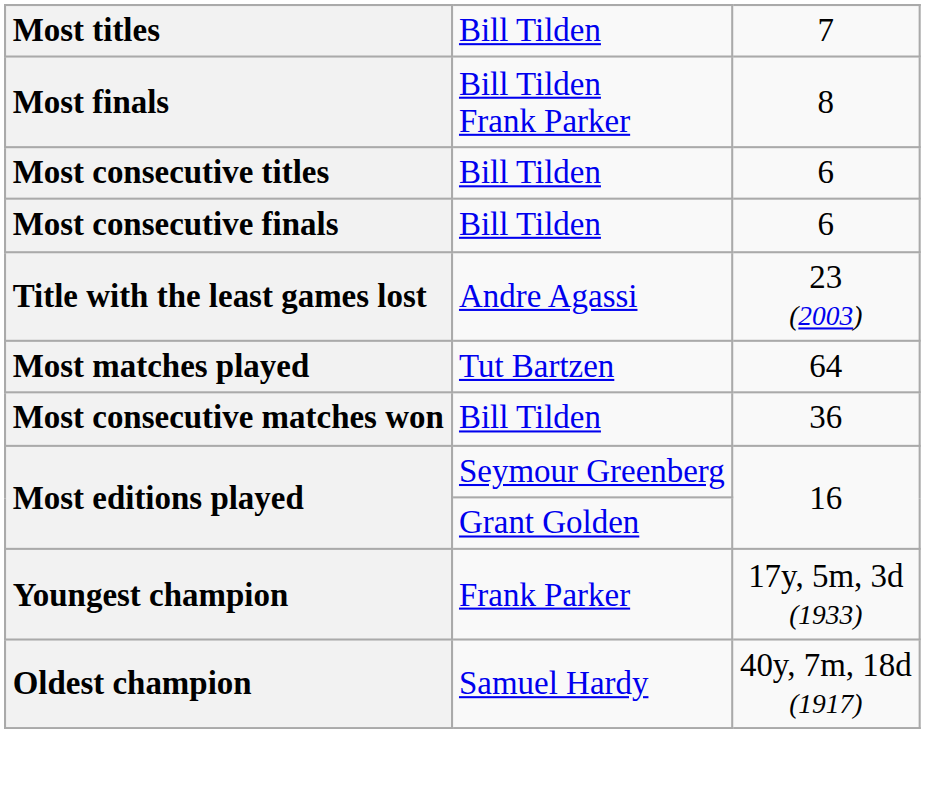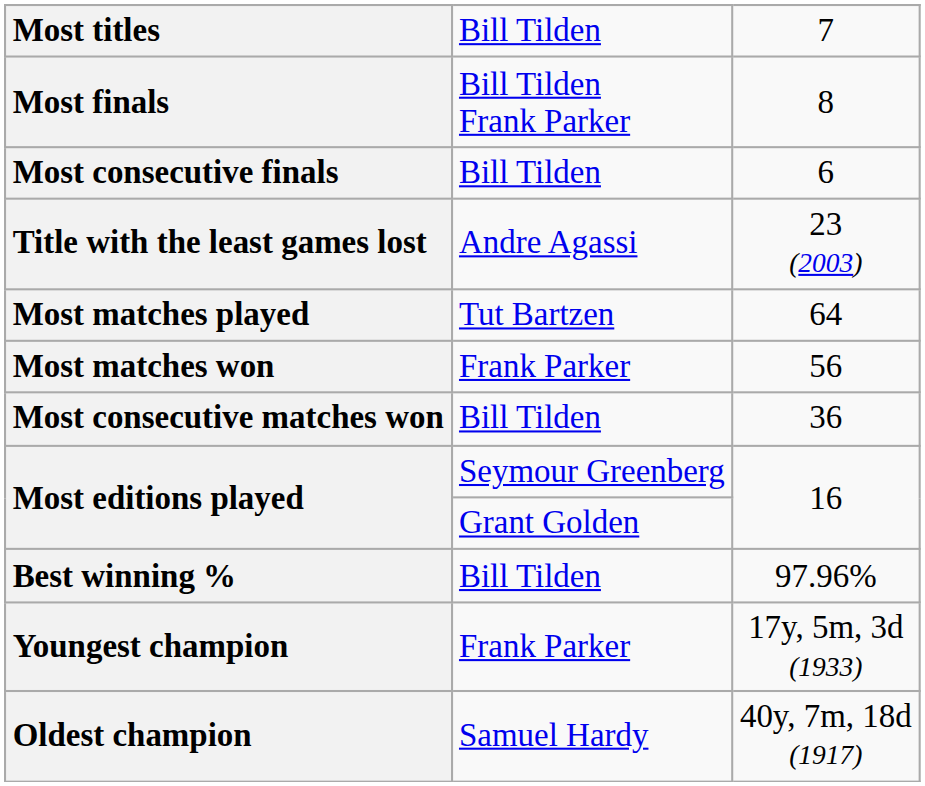 <table class=wikitable>
 <tr>
 <th style="text-align:left;">Most titles</th>
 <td> <a href='#'>Bill Tilden</a></td>
 <td style="text-align:center;">7</td>
 </tr>
 <tr>
 <th style="text-align:left;">Most finals</th>
 <td> <a href='#'>Bill Tilden</a><br> <a href='#'>Frank Parker</a></td>
 <td style="text-align:center;">8</td>
-</tr>
-<tr>
-<th style="text-align:left;">Most consecutive titles<br> </th>
-<td> <a href='#'>Bill Tilden</a><br></td>
-<td style="text-align:center;">6</td>
 </tr>
 <tr>
 <th style="text-align:left;">Most consecutive finals<br> </th>
 <td> <a href='#'>Bill Tilden</a><br></td>
 <td style="text-align:center;">6</td>
 </tr>
 <tr>
 <th style="text-align:left;">Title with the least games lost</th>
 <td> <a href='#'>Andre Agassi</a></td>
 <td style="text-align:center;">23<br><small><em>(<a href='#'>2003</a>)</em></small><br></td>
 </tr>
 <tr>
 <th style="text-align:left;">Most matches played</th>
 <td> <a href='#'>Tut Bartzen</a></td>
 <td style="text-align:center;">64</td>
 </tr>
 <tr>
+<th style="text-align:left;">Most matches won</th>
+<td> <a href='#'>Frank Parker</a></td>
+<td style="text-align:center;">56</td>
+</tr>
+<tr>
 <th style="text-align:left;">Most consecutive matches won</th>
 <td> <a href='#'>Bill Tilden</a></td>
 <td style="text-align:center;">36</td>
 </tr>
 <tr>
 <th style="text-align:left;" rowspan=2>Most editions played</th>
 <td> <a href='#'>Seymour Greenberg</a></td>
 <td style="text-align:center;" rowspan=2>16</td>
 </tr>
 <tr>
 <td> <a href='#'>Grant Golden</a></td>
 </tr>
 <tr>
+<th style="text-align:left;">Best winning %</th>
+<td> <a href='#'>Bill Tilden</a></td>
+<td style="text-align:center;">97.96%</td>
+</tr>
+<tr>
 <th style="text-align:left;">Youngest champion</th>
 <td> <a href='#'>Frank Parker</a></td>
 <td style="text-align:center;">17y, 5m, 3d<br><small><em>(1933)</em></small></td>
 </tr>
 <tr>
 <th style="text-align:left;">Oldest champion</th>
 <td> <a href='#'>Samuel Hardy</a></td>
 <td style="text-align:center;">40y, 7m, 18d<br><small><em>(1917)</em></small></td>
 </tr>
 </table>
